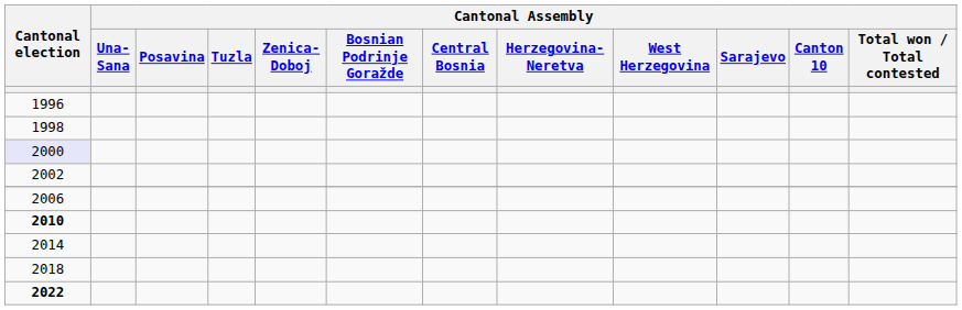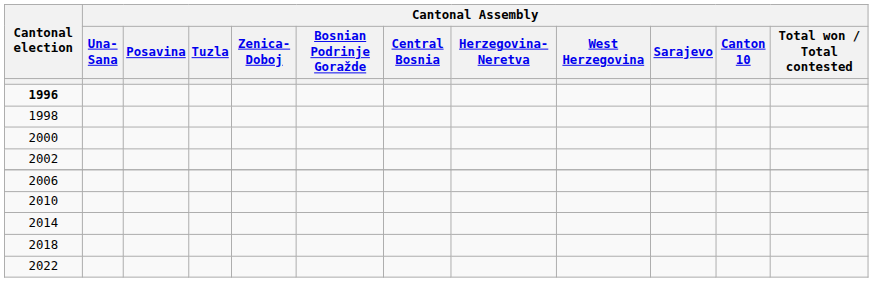 <table class="wikitable collapsible collapsed" style="text-align:center; width:72%; line-height:126%; margin-bottom:0">
 <tr>
 <th rowspan=2>Cantonal election</th>
 <th colspan=14>Cantonal Assembly</th>
 </tr>
 <tr>
 <th><a href='#'>Una-Sana</a></th>
 <th><a href='#'>Posavina</a></th>
 <th><a href='#'>Tuzla</a></th>
 <th><a href='#'>Zenica-Doboj</a></th>
 <th><a href='#'>Bosnian Podrinje Goražde</a></th>
 <th><a href='#'>Central Bosnia</a></th>
 <th><a href='#'>Herzegovina-Neretva</a></th>
 <th><a href='#'>West Herzegovina</a></th>
 <th><a href='#'>Sarajevo</a></th>
 <th><a href='#'>Canton 10</a></th>
 <th>Total won / Total contested</th>
 </tr>
 <tr>
 <th></th>
 <th></th>
 <th></th>
 <th></th>
 <th></th>
 <th></th>
 <th></th>
 <th></th>
 <th></th>
 <th></th>
 <th></th>
 <th></th>
 </tr>
 <tr>
-<td>1996</td>
+<td><strong>1996</strong></td>
 <td></td>
 <td></td>
 <td></td>
 <td></td>
 <td></td>
 <td></td>
 <td></td>
 <td></td>
 <td></td>
 <td></td>
 <td></td>
 </tr>
 <tr>
 <td>1998</td>
 <td></td>
 <td></td>
 <td></td>
 <td></td>
 <td></td>
 <td></td>
 <td></td>
 <td></td>
 <td></td>
 <td></td>
 <td></td>
 </tr>
 <tr>
-<td style="background: lavender;">2000</td>
+<td>2000</td>
 <td></td>
 <td></td>
 <td></td>
 <td></td>
 <td></td>
 <td></td>
 <td></td>
 <td></td>
 <td></td>
 <td></td>
 <td></td>
 </tr>
 <tr>
 <td>2002</td>
 <td></td>
 <td></td>
 <td></td>
 <td></td>
 <td></td>
 <td></td>
 <td></td>
 <td></td>
 <td></td>
 <td></td>
 <td></td>
 </tr>
 <tr>
 </tr>
 <tr>
 <td>2006</td>
 <td></td>
 <td></td>
 <td></td>
 <td></td>
 <td></td>
 <td></td>
 <td></td>
 <td></td>
 <td></td>
 <td></td>
 <td></td>
 </tr>
 <tr>
-<td><strong>2010</strong></td>
+<td>2010</td>
 <td></td>
 <td></td>
 <td></td>
 <td></td>
 <td></td>
 <td></td>
 <td></td>
 <td></td>
 <td></td>
 <td></td>
 <td></td>
 </tr>
 <tr>
 <td>2014</td>
 <td></td>
 <td></td>
 <td></td>
 <td></td>
 <td></td>
 <td></td>
 <td></td>
 <td></td>
 <td></td>
 <td></td>
 <td></td>
 </tr>
 <tr>
 <td>2018</td>
 <td></td>
 <td></td>
 <td></td>
 <td></td>
 <td></td>
 <td></td>
 <td></td>
 <td></td>
 <td></td>
 <td></td>
 <td></td>
 </tr>
 <tr>
-<td><strong>2022</strong></td>
+<td>2022</td>
 <td></td>
 <td></td>
 <td></td>
 <td></td>
 <td></td>
 <td></td>
 <td></td>
 <td></td>
 <td></td>
 <td></td>
 <td></td>
 </tr>
 </table>
